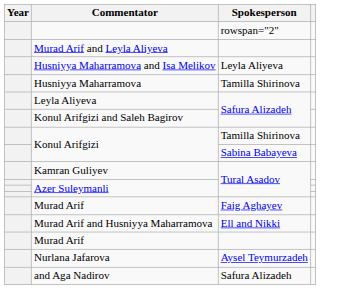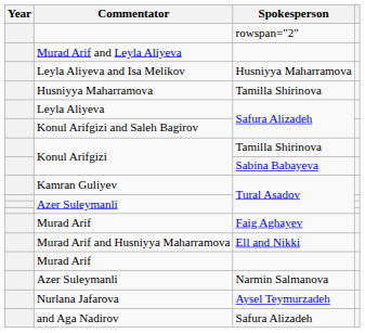 <table class="wikitable sortable plainrowheaders">
 <tr>
 <th>Year</th>
 <th>Commentator</th>
 <th>Spokesperson</th>
 <th class="unsortable"></th>
 </tr>
 <tr>
 <th scope="row"></th>
 <td></td>
 <td>rowspan="2" </td>
 <td></td>
 </tr>
 <tr>
 <th scope="row"></th>
 <td><a href='#'>Murad Arif</a> and <a href='#'>Leyla Aliyeva</a></td>
 <td></td>
 </tr>
 <tr>
 <th scope="row"></th>
-<td><a href='#'>Husniyya Maharramova</a> and <a href='#'>Isa Melikov</a></td>
-<td>Leyla Aliyeva</td>
+<td>Leyla Aliyeva and Isa Melikov</td>
+<td>Husniyya Maharramova</td>
 <td></td>
 </tr>
 <tr>
 <th scope="row"></th>
 <td>Husniyya Maharramova</td>
 <td>Tamilla Shirinova</td>
 <td></td>
 </tr>
 <tr>
 <th scope="row"></th>
 <td>Leyla Aliyeva</td>
 <td rowspan="2"><a href='#'>Safura Alizadeh</a></td>
 <td></td>
 </tr>
 <tr>
 <th scope="row"></th>
 <td>Konul Arifgizi and Saleh Bagirov</td>
 <td></td>
 </tr>
 <tr>
 <th scope="row"></th>
 <td rowspan="2">Konul Arifgizi</td>
 <td>Tamilla Shirinova</td>
 <td></td>
 </tr>
 <tr>
 <th scope="row"></th>
 <td><a href='#'>Sabina Babayeva</a></td>
 <td></td>
 </tr>
 <tr>
 <th scope="row"></th>
 <td>Kamran Guliyev</td>
 <td rowspan="4"><a href='#'>Tural Asadov</a></td>
 <td></td>
 </tr>
 <tr>
 <th scope="row"></th>
 <td rowspan="3"><a href='#'>Azer Suleymanli</a></td>
 <td></td>
 </tr>
 <tr>
 <th scope="row"></th>
 <td></td>
 </tr>
 <tr>
 <th scope="row"></th>
 <td></td>
 </tr>
 <tr>
 <th scope="row"></th>
 <td rowspan="1">Murad Arif</td>
 <td><a href='#'>Faig Aghayev</a></td>
 <td></td>
 </tr>
 <tr>
 <th scope="row"></th>
 <td>Murad Arif and Husniyya Maharramova</td>
 <td><a href='#'>Ell and Nikki</a></td>
 <td></td>
 </tr>
 <tr>
 <th scope="row"></th>
 <td>Murad Arif</td>
 <td></td>
 <td></td>
 </tr>
 <tr>
 <th scope="row"></th>
+<td>Azer Suleymanli</td>
+<td>Narmin Salmanova</td>
+<td></td>
+</tr>
+<tr>
+<th scope="row"></th>
 <td>Nurlana Jafarova</td>
 <td><a href='#'>Aysel Teymurzadeh</a></td>
 <td></td>
 </tr>
 <tr>
 <th scope="row"></th>
 <td> and Aga Nadirov</td>
 <td>Safura Alizadeh</td>
 <td></td>
 </tr>
 </table>
